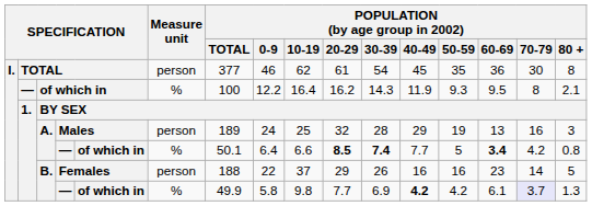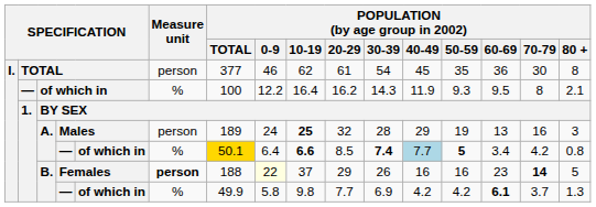 <table class="wikitable" style="font-size:85%; text-align:center">
 <tr>
 <th rowspan="2" colspan="5">SPECIFICATION</th>
 <th rowspan="2">Measure<br> unit</th>
 <th colspan="10" rowspan="1">POPULATION<br> (by age group in 2002)</th>
 </tr>
 <tr>
 <th>TOTAL</th>
 <th>0-9</th>
 <th>10-19</th>
 <th>20-29</th>
 <th>30-39</th>
 <th>40-49</th>
 <th>50-59</th>
 <th>60-69</th>
 <th>70-79</th>
 <th>80 +</th>
 </tr>
 <tr>
 <th style="text-align:left" valign="top" rowspan="7">I.</th>
 <th style="text-align:left" colspan="4">TOTAL</th>
 <td>person</td>
 <td>377</td>
 <td>46</td>
 <td>62</td>
 <td>61</td>
 <td>54</td>
 <td>45</td>
 <td>35</td>
 <td>36</td>
 <td>30</td>
 <td>8</td>
 </tr>
 <tr>
 <th style="text-align:left" valign="top">—</th>
 <th style="text-align:left" colspan="3">of which in</th>
 <td>%</td>
 <td>100</td>
 <td>12.2</td>
 <td>16.4</td>
 <td>16.2</td>
 <td>14.3</td>
 <td>11.9</td>
 <td>9.3</td>
 <td>9.5</td>
 <td>8</td>
 <td>2.1</td>
 </tr>
 <tr>
 <th style="text-align:left" valign="top" rowspan="5">1.</th>
 <th style="text-align:left" colspan="14">BY SEX</th>
 </tr>
 <tr>
 <th style="text-align:left" valign="top" rowspan="2">A.</th>
 <th style="text-align:left" colspan="2">Males</th>
 <td>person</td>
 <td>189</td>
 <td>24</td>
-<td>25</td>
+<td><strong>25</strong></td>
 <td>32</td>
 <td>28</td>
 <td>29</td>
 <td>19</td>
 <td>13</td>
 <td>16</td>
 <td>3</td>
 </tr>
 <tr>
 <th style="text-align:left" valign="top">—</th>
 <th style="text-align:left" colspan="1">of which in</th>
 <td>%</td>
-<td>50.1</td>
+<td style="background: gold;">50.1</td>
 <td>6.4</td>
-<td>6.6</td>
-<td><strong>8.5</strong></td>
+<td><strong>6.6</strong></td>
+<td>8.5</td>
 <td><strong>7.4</strong></td>
-<td>7.7</td>
-<td>5</td>
-<td><strong>3.4</strong></td>
+<td style="background: lightblue;">7.7</td>
+<td><strong>5</strong></td>
+<td>3.4</td>
 <td>4.2</td>
 <td>0.8</td>
 </tr>
 <tr>
 <th style="text-align:left" valign="top" rowspan="2">B.</th>
 <th style="text-align:left" colspan="2">Females</th>
-<td>person</td>
+<td><strong>person</strong></td>
 <td>188</td>
-<td>22</td>
+<td style="background: lightyellow;">22</td>
 <td>37</td>
 <td>29</td>
 <td>26</td>
 <td>16</td>
 <td>16</td>
 <td>23</td>
-<td>14</td>
+<td><strong>14</strong></td>
 <td>5</td>
 </tr>
 <tr>
 <th style="text-align:left" valign="top">—</th>
 <th style="text-align:left" colspan="1">of which in</th>
 <td>%</td>
 <td>49.9</td>
 <td>5.8</td>
 <td>9.8</td>
 <td>7.7</td>
 <td>6.9</td>
-<td><strong>4.2</strong></td>
 <td>4.2</td>
-<td>6.1</td>
-<td style="background: lavender;">3.7</td>
+<td>4.2</td>
+<td><strong>6.1</strong></td>
+<td>3.7</td>
 <td>1.3</td>
 </tr>
 </table>
